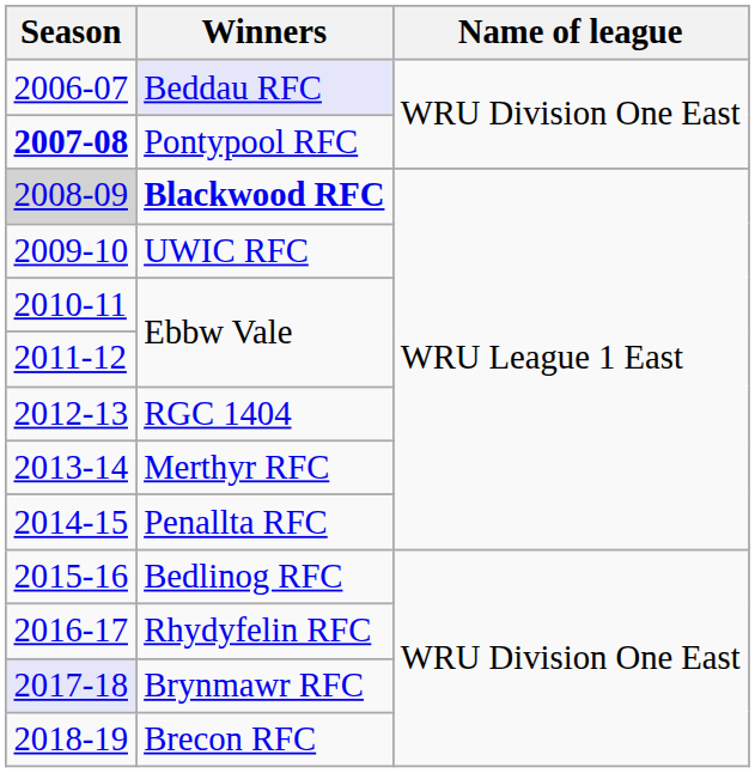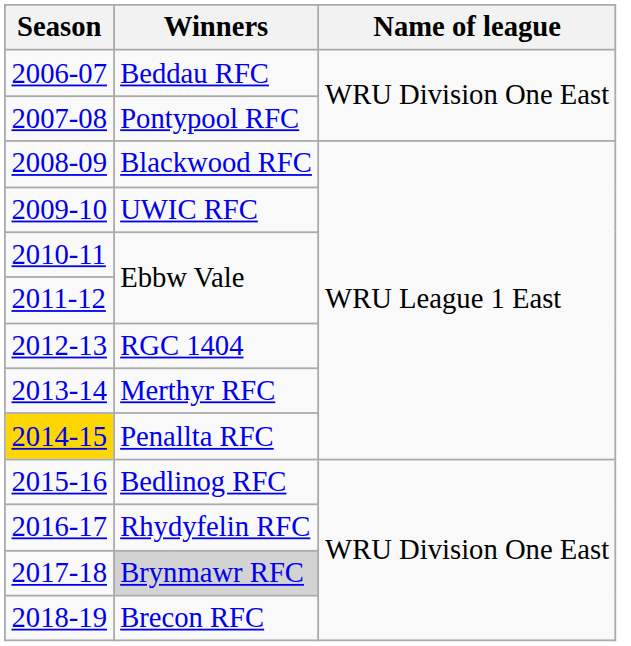 <table class="wikitable">
 <tr>
 <th>Season</th>
 <th>Winners</th>
 <th>Name of league</th>
 </tr>
 <tr>
 <td><a href='#'>2006-07</a></td>
-<td style="background: lavender;"><a href='#'>Beddau RFC</a></td>
+<td><a href='#'>Beddau RFC</a></td>
 <td rowspan=2>WRU Division One East</td>
 </tr>
 <tr>
-<td><strong><a href='#'>2007-08</a></strong></td>
+<td><a href='#'>2007-08</a></td>
 <td><a href='#'>Pontypool RFC</a></td>
 </tr>
 <tr>
-<td style="background: lightgrey;"><a href='#'>2008-09</a></td>
-<td><strong><a href='#'>Blackwood RFC</a></strong></td>
+<td><a href='#'>2008-09</a></td>
+<td><a href='#'>Blackwood RFC</a></td>
 <td rowspan=7>WRU League 1 East</td>
 </tr>
 <tr>
 <td><a href='#'>2009-10</a></td>
 <td><a href='#'>UWIC RFC</a></td>
 </tr>
 <tr>
 <td><a href='#'>2010-11</a></td>
 <td rowspan=2>Ebbw Vale</td>
 </tr>
 <tr>
 <td><a href='#'>2011-12</a></td>
 </tr>
 <tr>
 <td><a href='#'>2012-13</a></td>
 <td><a href='#'>RGC 1404</a></td>
 </tr>
 <tr>
 <td><a href='#'>2013-14</a></td>
 <td><a href='#'>Merthyr RFC</a></td>
 </tr>
 <tr>
-<td><a href='#'>2014-15</a></td>
+<td style="background: gold;"><a href='#'>2014-15</a></td>
 <td><a href='#'>Penallta RFC</a></td>
 </tr>
 <tr>
 <td><a href='#'>2015-16</a></td>
 <td><a href='#'>Bedlinog RFC</a></td>
 <td rowspan=4>WRU Division One East</td>
 </tr>
 <tr>
 <td><a href='#'>2016-17</a></td>
 <td><a href='#'>Rhydyfelin RFC</a></td>
 </tr>
 <tr>
-<td style="background: lavender;"><a href='#'>2017-18</a></td>
-<td><a href='#'>Brynmawr RFC</a></td>
+<td><a href='#'>2017-18</a></td>
+<td style="background: lightgrey;"><a href='#'>Brynmawr RFC</a></td>
 </tr>
 <tr>
 <td><a href='#'>2018-19</a></td>
 <td><a href='#'>Brecon RFC</a></td>
 </tr>
 </table>
